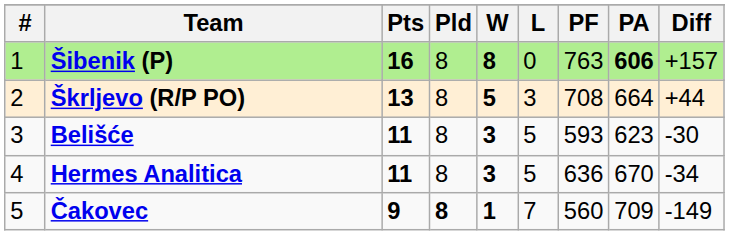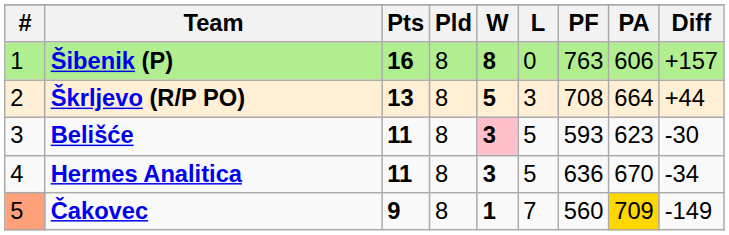 <table class=wikitable>
 <tr align=center>
 </tr>
 <tr>
 <th width=20>#</th>
 <th width=220>Team</th>
 <th width=20>Pts</th>
 <th width=20>Pld</th>
 <th width=20>W</th>
 <th width=20>L</th>
 <th width=20>PF</th>
 <th width=20>PA</th>
 <th width=20>Diff</th>
 </tr>
 <tr bgcolor=B0EE90>
 <td>1</td>
 <td align="left"><strong><a href='#'>Šibenik</a> (P)</strong></td>
 <td><strong>16</strong></td>
 <td>8</td>
 <td><strong>8</strong></td>
 <td>0</td>
 <td>763</td>
-<td><strong>606</strong></td>
+<td>606</td>
 <td>+157</td>
 </tr>
 <tr bgcolor=FFEFD5>
 <td>2</td>
 <td align="left"><strong><a href='#'>Škrljevo</a> (R/P PO)</strong></td>
 <td><strong>13</strong></td>
 <td>8</td>
 <td><strong>5</strong></td>
 <td>3</td>
 <td>708</td>
 <td>664</td>
 <td>+44</td>
 </tr>
 <tr>
 <td>3</td>
 <td align="left"><strong><a href='#'>Belišće</a></strong></td>
 <td><strong>11</strong></td>
 <td>8</td>
-<td><strong>3</strong></td>
+<td style="background: pink;"><strong>3</strong></td>
 <td>5</td>
 <td>593</td>
 <td>623</td>
 <td>-30</td>
 </tr>
 <tr>
 <td>4</td>
 <td align="left"><strong><a href='#'>Hermes Analitica</a></strong></td>
 <td><strong>11</strong></td>
 <td>8</td>
 <td><strong>3</strong></td>
 <td>5</td>
 <td>636</td>
 <td>670</td>
 <td>-34</td>
 </tr>
 <tr>
-<td>5</td>
+<td style="background: lightsalmon;">5</td>
 <td align="left"><strong><a href='#'>Čakovec</a></strong></td>
 <td><strong>9</strong></td>
-<td><strong>8</strong></td>
+<td>8</td>
 <td><strong>1</strong></td>
 <td>7</td>
 <td>560</td>
-<td>709</td>
+<td style="background: gold;">709</td>
 <td>-149</td>
 </tr>
 </table>
